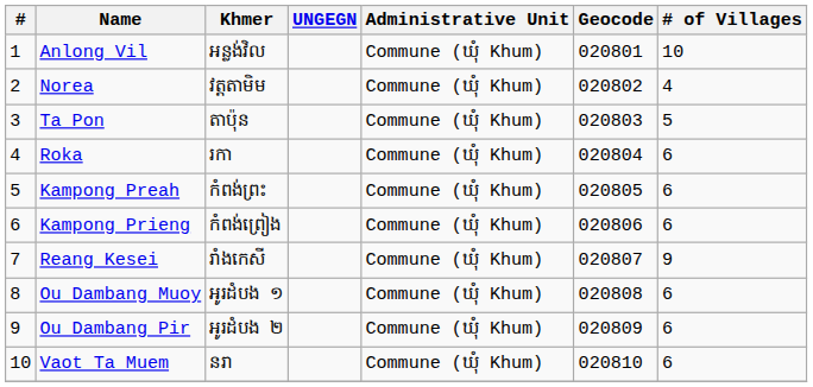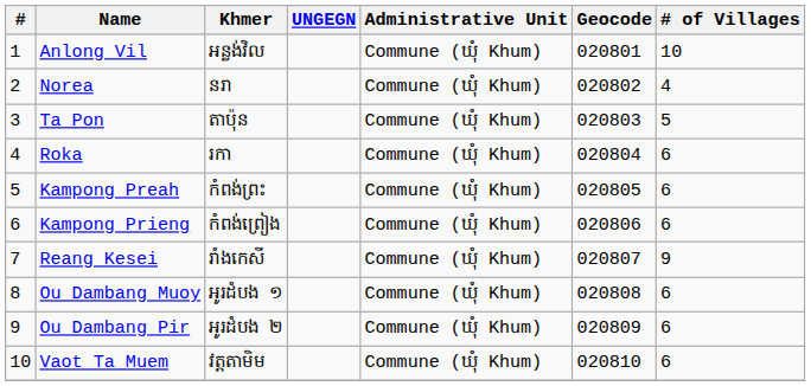 <table class="wikitable sortable">
 <tr>
 <th>#</th>
 <th>Name</th>
 <th>Khmer</th>
 <th><a href='#'>UNGEGN</a></th>
 <th>Administrative Unit</th>
 <th>Geocode</th>
 <th># of Villages</th>
 </tr>
 <tr>
 <td>1</td>
 <td><a href='#'>Anlong Vil</a></td>
 <td>អន្លង់វិល</td>
 <td></td>
 <td>Commune (ឃុំ Khum)</td>
 <td>020801</td>
 <td>10</td>
 </tr>
 <tr>
 <td>2</td>
 <td><a href='#'>Norea</a></td>
-<td>វត្ដតាមិម</td>
+<td>នរា</td>
 <td></td>
 <td>Commune (ឃុំ Khum)</td>
 <td>020802</td>
 <td>4</td>
 </tr>
 <tr>
 <td>3</td>
 <td><a href='#'>Ta Pon</a></td>
 <td>តាប៉ុន</td>
 <td></td>
 <td>Commune (ឃុំ Khum)</td>
 <td>020803</td>
 <td>5</td>
 </tr>
 <tr>
 <td>4</td>
 <td><a href='#'>Roka</a></td>
 <td>រកា</td>
 <td></td>
 <td>Commune (ឃុំ Khum)</td>
 <td>020804</td>
 <td>6</td>
 </tr>
 <tr>
 <td>5</td>
 <td><a href='#'>Kampong Preah</a></td>
 <td>កំពង់ព្រះ</td>
 <td></td>
 <td>Commune (ឃុំ Khum)</td>
 <td>020805</td>
 <td>6</td>
 </tr>
 <tr>
 <td>6</td>
 <td><a href='#'>Kampong Prieng</a></td>
 <td>កំពង់ព្រៀង</td>
 <td></td>
 <td>Commune (ឃុំ Khum)</td>
 <td>020806</td>
 <td>6</td>
 </tr>
 <tr>
 <td>7</td>
 <td><a href='#'>Reang Kesei</a></td>
 <td>រាំងកេសី</td>
 <td></td>
 <td>Commune (ឃុំ Khum)</td>
 <td>020807</td>
 <td>9</td>
 </tr>
 <tr>
 <td>8</td>
 <td><a href='#'>Ou Dambang Muoy</a></td>
 <td>អូរដំបង ១</td>
 <td></td>
 <td>Commune (ឃុំ Khum)</td>
 <td>020808</td>
 <td>6</td>
 </tr>
 <tr>
 <td>9</td>
 <td><a href='#'>Ou Dambang Pir</a></td>
 <td>អូរដំបង ២</td>
 <td></td>
 <td>Commune (ឃុំ Khum)</td>
 <td>020809</td>
 <td>6</td>
 </tr>
 <tr>
 <td>10</td>
 <td><a href='#'>Vaot Ta Muem</a></td>
-<td>នរា</td>
+<td>វត្ដតាមិម</td>
 <td></td>
 <td>Commune (ឃុំ Khum)</td>
 <td>020810</td>
 <td>6</td>
 </tr>
 <tr>
 </tr>
 </table>
